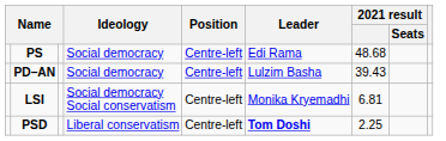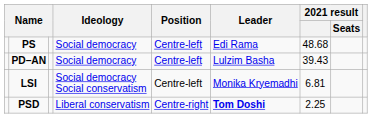 <table class="wikitable">
 <tr>
 <th colspan="4" rowspan="2">Name</th>
 <th rowspan="2">Ideology</th>
 <th rowspan="2">Position</th>
 <th rowspan="2">Leader</th>
 <th colspan="2">2021 result</th>
 <th rowspan="2"></th>
 </tr>
 <tr>
 <th></th>
 <th>Seats</th>
 </tr>
 <tr>
 <td style="background:"></td>
 <td colspan="2" style="text-align:center;"><strong>PS</strong></td>
 <td></td>
 <td><a href='#'>Social democracy</a></td>
 <td><a href='#'>Centre-left</a></td>
 <td><a href='#'>Edi Rama</a></td>
 <td style="text-align:center;">48.68</td>
 <td></td>
 <td></td>
 </tr>
 <tr>
 <td style="background:"></td>
 <td colspan="2" style="text-align:center;"><strong>PD–AN</strong></td>
 <td></td>
 <td><a href='#'>Social democracy</a></td>
 <td><a href='#'>Centre-left</a></td>
 <td><a href='#'>Lulzim Basha</a></td>
 <td style="text-align:center;">39.43</td>
 <td></td>
 <td></td>
 </tr>
 <tr>
 <td style="background:"></td>
 <td colspan="2" style="text-align:center;"><strong>LSI</strong></td>
 <td></td>
 <td><a href='#'>Social democracy</a><br><a href='#'>Social conservatism</a></td>
 <td>Centre-left</td>
 <td><a href='#'>Monika Kryemadhi</a></td>
 <td style="text-align:center;">6.81</td>
 <td></td>
 <td></td>
 </tr>
 <tr>
 <td style="background:"></td>
 <td colspan="2" style="text-align:center;"><strong>PSD</strong></td>
 <td></td>
 <td><a href='#'>Liberal conservatism</a></td>
-<td>Centre-left</td>
+<td><a href='#'>Centre-right</a></td>
 <td><strong><a href='#'>Tom Doshi</a></strong></td>
 <td style="text-align:center;">2.25</td>
 <td></td>
 <td></td>
 </tr>
 </table>
